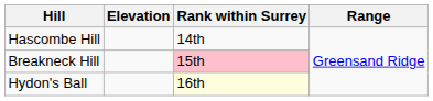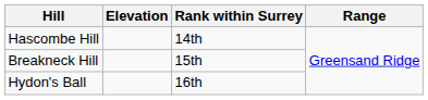 <table class="wikitable">
 <tr>
 <th>Hill</th>
 <th>Elevation</th>
 <th>Rank within Surrey</th>
 <th>Range</th>
 </tr>
 <tr>
 <td>Hascombe Hill</td>
 <td></td>
 <td>14th</td>
 <td rowspan=3><a href='#'>Greensand Ridge</a></td>
 </tr>
 <tr>
 <td>Breakneck Hill</td>
 <td></td>
-<td style="background: pink;">15th</td>
+<td>15th</td>
 </tr>
 <tr>
 <td>Hydon's Ball</td>
 <td></td>
-<td style="background: lightyellow;">16th</td>
+<td>16th</td>
 </tr>
 </table>
